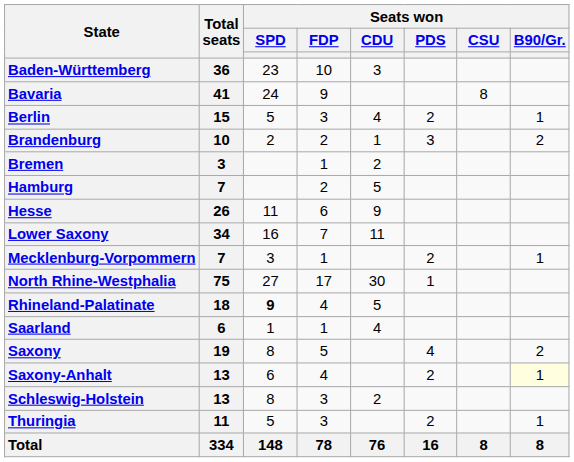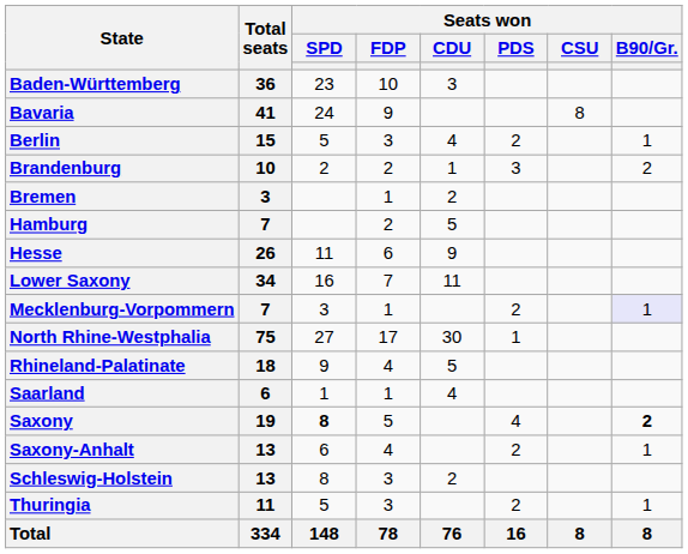 <table class="wikitable" style="text-align:center; font-size: 0.9em;">
 <tr>
 <th rowspan="3">State</th>
 <th rowspan="3">Total<br>seats</th>
 <th colspan="6">Seats won</th>
 </tr>
 <tr>
 <th class="unsortable" style="width:45px;"><a href='#'>SPD</a></th>
 <th class="unsortable" style="width:45px;"><a href='#'>FDP</a></th>
 <th class="unsortable" style="width:45px;"><a href='#'>CDU</a></th>
 <th class="unsortable" style="width:45px;"><a href='#'>PDS</a></th>
 <th class="unsortable" style="width:45px;"><a href='#'>CSU</a></th>
 <th class="unsortable" style="width:45px;"><a href='#'>B90/Gr.</a></th>
 </tr>
 <tr>
 <th style="background:"></th>
 <th style="background:"></th>
 <th style="background:"></th>
 <th style="background:"></th>
 <th style="background:"></th>
 <th style="background:"></th>
 </tr>
 <tr>
 <th style="text-align: left;"><a href='#'>Baden-Württemberg</a></th>
 <th>36</th>
 <td>23</td>
 <td>10</td>
 <td>3</td>
 <td></td>
 <td></td>
 <td></td>
 </tr>
 <tr>
 <th style="text-align: left;"><a href='#'>Bavaria</a></th>
 <th>41</th>
 <td>24</td>
 <td>9</td>
 <td></td>
 <td></td>
 <td>8</td>
 <td></td>
 </tr>
 <tr>
 <th style="text-align: left;"><a href='#'>Berlin</a></th>
 <th>15</th>
 <td>5</td>
 <td>3</td>
 <td>4</td>
 <td>2</td>
 <td></td>
 <td>1</td>
 </tr>
 <tr>
 <th style="text-align: left;"><a href='#'>Brandenburg</a></th>
 <th>10</th>
 <td>2</td>
 <td>2</td>
 <td>1</td>
 <td>3</td>
 <td></td>
 <td>2</td>
 </tr>
 <tr>
 <th style="text-align: left;"><a href='#'>Bremen</a></th>
 <th>3</th>
 <td></td>
 <td>1</td>
 <td>2</td>
 <td></td>
 <td></td>
 <td></td>
 </tr>
 <tr>
 <th style="text-align: left;"><a href='#'>Hamburg</a></th>
 <th>7</th>
 <td></td>
 <td>2</td>
 <td>5</td>
 <td></td>
 <td></td>
 <td></td>
 </tr>
 <tr>
 <th style="text-align: left;"><a href='#'>Hesse</a></th>
 <th>26</th>
 <td>11</td>
 <td>6</td>
 <td>9</td>
 <td></td>
 <td></td>
 <td></td>
 </tr>
 <tr>
 <th style="text-align: left;"><a href='#'>Lower Saxony</a></th>
 <th>34</th>
 <td>16</td>
 <td>7</td>
 <td>11</td>
 <td></td>
 <td></td>
 <td></td>
 </tr>
 <tr>
 <th style="text-align: left;"><a href='#'>Mecklenburg-Vorpommern</a></th>
 <th>7</th>
 <td>3</td>
 <td>1</td>
 <td></td>
 <td>2</td>
 <td></td>
-<td>1</td>
+<td style="background: lavender;">1</td>
 </tr>
 <tr>
 <th style="text-align: left;"><a href='#'>North Rhine-Westphalia</a></th>
 <th>75</th>
 <td>27</td>
 <td>17</td>
 <td>30</td>
 <td>1</td>
 <td></td>
 <td></td>
 </tr>
 <tr class="sortbottom">
 <th style="text-align: left;"><a href='#'>Rhineland-Palatinate</a></th>
 <th>18</th>
-<td><strong>9</strong></td>
+<td>9</td>
 <td>4</td>
 <td>5</td>
 <td></td>
 <td></td>
 <td></td>
 </tr>
 <tr>
 <th style="text-align: left;"><a href='#'>Saarland</a></th>
 <th>6</th>
 <td>1</td>
 <td>1</td>
 <td>4</td>
 <td></td>
 <td></td>
 <td></td>
 </tr>
 <tr>
 <th style="text-align: left;"><a href='#'>Saxony</a></th>
 <th>19</th>
-<td>8</td>
+<td><strong>8</strong></td>
 <td>5</td>
 <td></td>
 <td>4</td>
 <td></td>
-<td>2</td>
+<td><strong>2</strong></td>
 </tr>
 <tr>
 <th style="text-align: left;"><a href='#'>Saxony-Anhalt</a></th>
 <th>13</th>
 <td>6</td>
 <td>4</td>
 <td></td>
 <td>2</td>
 <td></td>
-<td style="background: lightyellow;">1</td>
+<td>1</td>
 </tr>
 <tr>
 <th style="text-align: left;"><a href='#'>Schleswig-Holstein</a></th>
 <th>13</th>
 <td>8</td>
 <td>3</td>
 <td>2</td>
 <td></td>
 <td></td>
 <td></td>
 </tr>
 <tr>
 <th style="text-align: left;"><a href='#'>Thuringia</a></th>
 <th>11</th>
 <td>5</td>
 <td>3</td>
 <td></td>
 <td>2</td>
 <td></td>
 <td>1</td>
 </tr>
 <tr>
 <th style="text-align: left;">Total</th>
 <th>334</th>
 <th>148</th>
 <th>78</th>
 <th>76</th>
 <th>16</th>
 <th>8</th>
 <th>8</th>
 </tr>
 </table>
